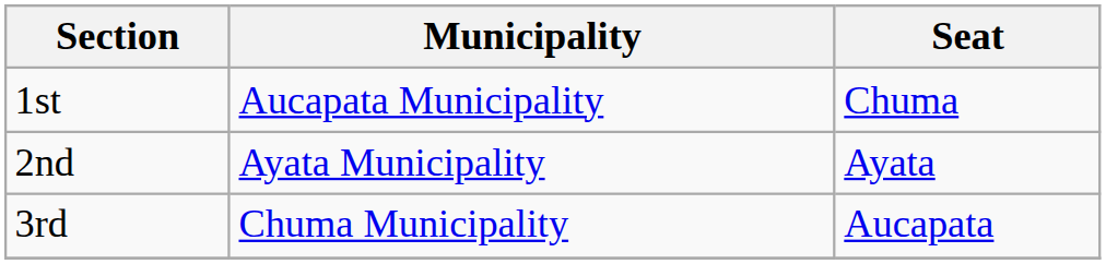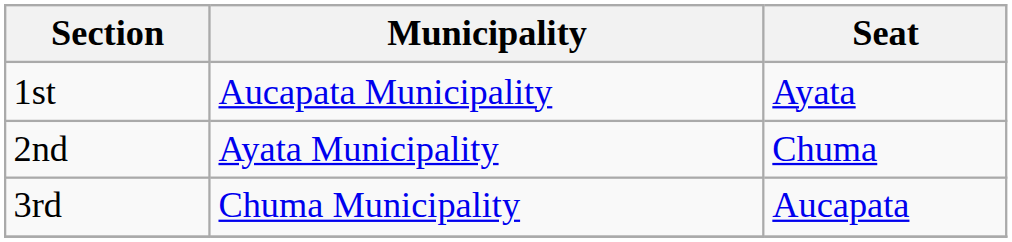 <table class="wikitable" border="1" style="width:35%;" border="1">
 <tr bgcolor=silver>
 <th><strong>Section</strong></th>
 <th><strong>Municipality</strong></th>
 <th><strong>Seat</strong></th>
 </tr>
 <tr>
 <td>1st</td>
 <td><a href='#'>Aucapata Municipality</a></td>
-<td><a href='#'>Chuma</a></td>
+<td><a href='#'>Ayata</a></td>
 </tr>
 <tr>
 <td>2nd</td>
 <td><a href='#'>Ayata Municipality</a></td>
-<td><a href='#'>Ayata</a></td>
+<td><a href='#'>Chuma</a></td>
 </tr>
 <tr>
 <td>3rd</td>
 <td><a href='#'>Chuma Municipality</a></td>
 <td><a href='#'>Aucapata</a></td>
 </tr>
 <tr>
 </tr>
 </table>
